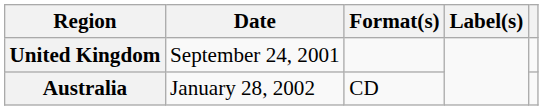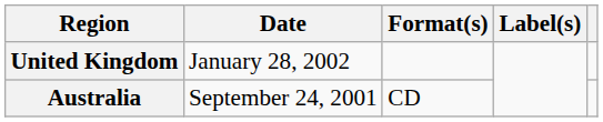 <table class="wikitable plainrowheaders">
 <tr>
 <th scope="col">Region</th>
 <th scope="col">Date</th>
 <th scope="col">Format(s)</th>
 <th scope="col">Label(s)</th>
 <th scope="col"></th>
 </tr>
 <tr>
 <th scope="row">United Kingdom</th>
-<td>September 24, 2001</td>
+<td>January 28, 2002</td>
 <td></td>
 <td rowspan="2"></td>
 <td></td>
 </tr>
 <tr>
 <th scope="row">Australia</th>
-<td>January 28, 2002</td>
+<td>September 24, 2001</td>
 <td>CD</td>
 <td></td>
 </tr>
 </table>
